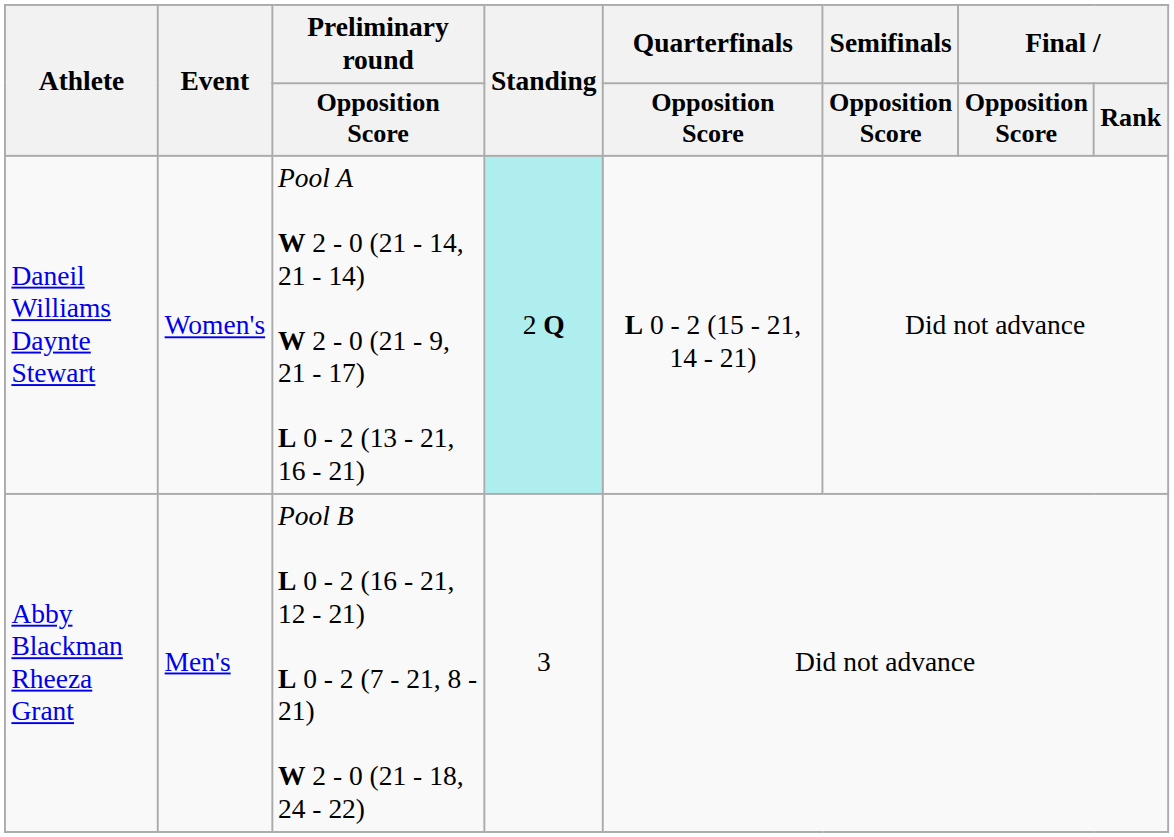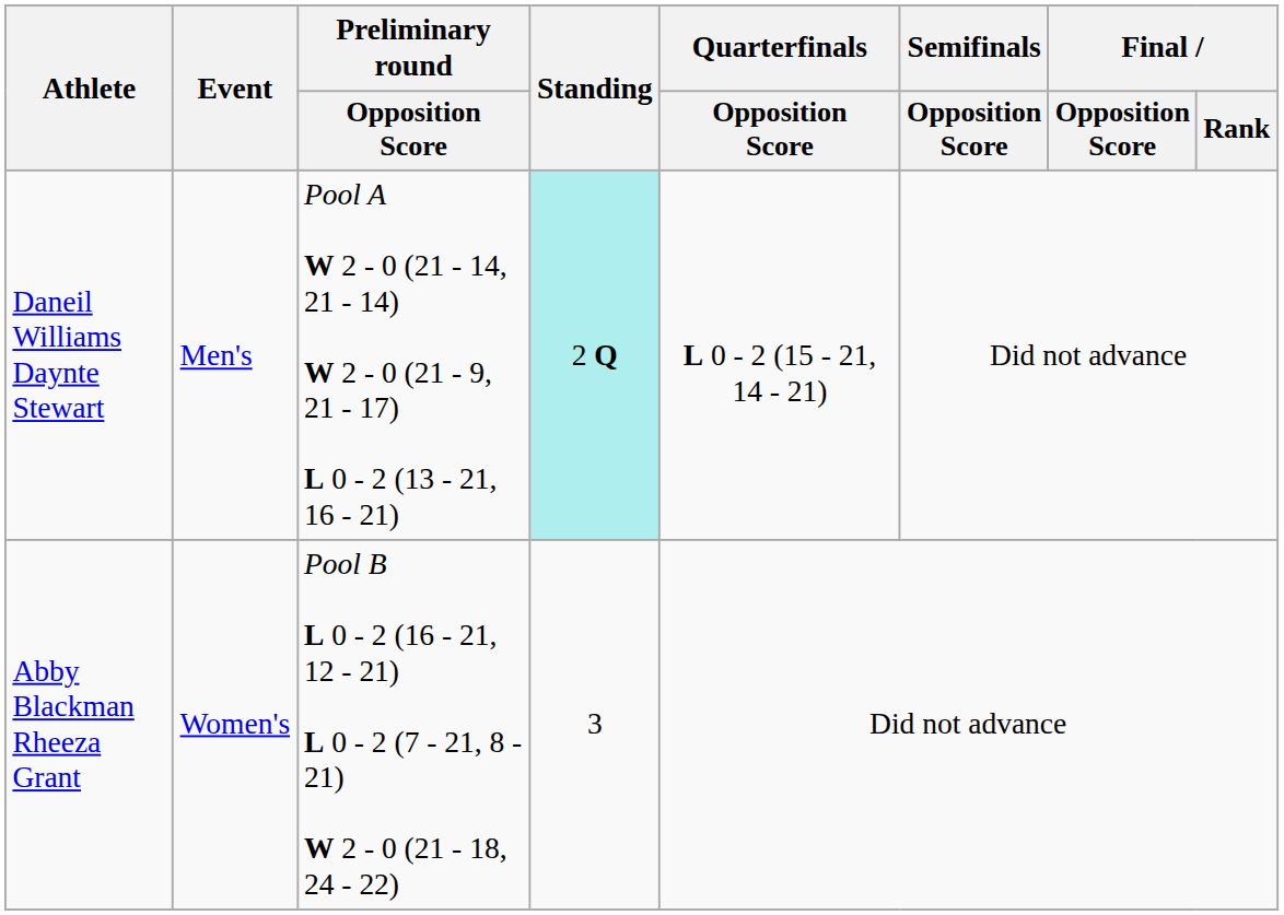 <table class=wikitable style="font-size:90%">
 <tr>
 <th rowspan="2">Athlete</th>
 <th rowspan="2">Event</th>
 <th>Preliminary round</th>
 <th rowspan="2">Standing</th>
 <th>Quarterfinals</th>
 <th>Semifinals</th>
 <th colspan=2>Final / </th>
 </tr>
 <tr style="font-size:95%">
 <th>Opposition<br>Score</th>
 <th>Opposition<br>Score</th>
 <th>Opposition<br>Score</th>
 <th>Opposition<br>Score</th>
 <th>Rank</th>
 </tr>
 <tr align=center>
 <td align=left><a href='#'>Daneil Williams</a><br><a href='#'>Daynte Stewart</a></td>
-<td align=left><a href='#'>Women's</a></td>
+<td align=left><a href='#'>Men's</a></td>
 <td align=left><em>Pool A</em><br><br><strong>W</strong> 2 - 0 (21 - 14, 21 - 14)<br><br><strong>W</strong> 2 - 0 (21 - 9, 21 - 17)<br><br><strong>L</strong> 0 - 2 (13 - 21, 16 - 21)</td>
 <td style="background: paleturquoise;">2 <strong>Q</strong></td>
 <td><br><strong>L</strong> 0 - 2 (15 - 21, 14 - 21)</td>
 <td colspan=3>Did not advance</td>
 </tr>
 <tr align=center>
 <td align=left><a href='#'>Abby Blackman</a><br><a href='#'>Rheeza Grant</a></td>
-<td align=left><a href='#'>Men's</a></td>
+<td align=left><a href='#'>Women's</a></td>
 <td align=left><em>Pool B</em><br><br><strong>L</strong> 0 - 2 (16 - 21, 12 - 21)<br><br><strong>L</strong> 0 - 2 (7 - 21, 8 - 21)<br><br><strong>W</strong> 2 - 0 (21 - 18, 24 - 22)</td>
 <td>3</td>
 <td colspan=4>Did not advance</td>
 </tr>
 </table>
